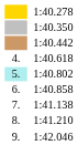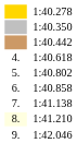 <table style="text-align:center">
 <tr>
 <td width=30 bgcolor=gold></td>
 <td align=left></td>
 <td width=60>1:40.278</td>
 </tr>
 <tr>
 <td bgcolor=silver></td>
 <td align=left></td>
 <td>1:40.350</td>
 </tr>
 <tr>
 <td bgcolor=cc9966></td>
 <td align=left></td>
 <td>1:40.442</td>
 </tr>
 <tr>
 <td>4.</td>
 <td align=left></td>
 <td>1:40.618</td>
 </tr>
 <tr>
-<td style="background: paleturquoise;">5.</td>
+<td>5.</td>
 <td align=left></td>
 <td>1:40.802</td>
 </tr>
 <tr>
 <td>6.</td>
 <td align=left></td>
 <td>1:40.858</td>
 </tr>
 <tr>
 <td>7.</td>
 <td align=left></td>
 <td>1:41.138</td>
 </tr>
 <tr>
-<td>8.</td>
+<td style="background: lightyellow;">8.</td>
 <td align=left></td>
 <td>1:41.210</td>
 </tr>
 <tr>
 <td>9.</td>
 <td align=left></td>
 <td>1:42.046</td>
 </tr>
 </table>
